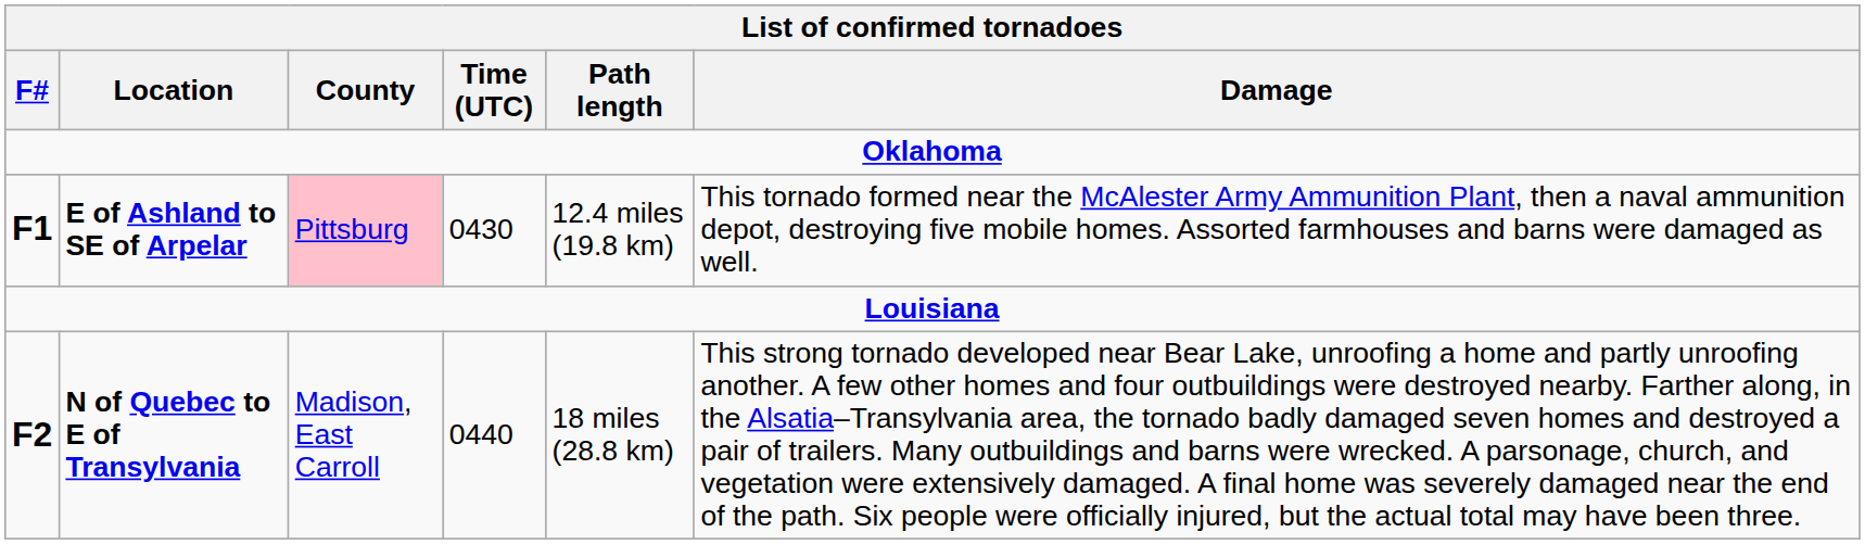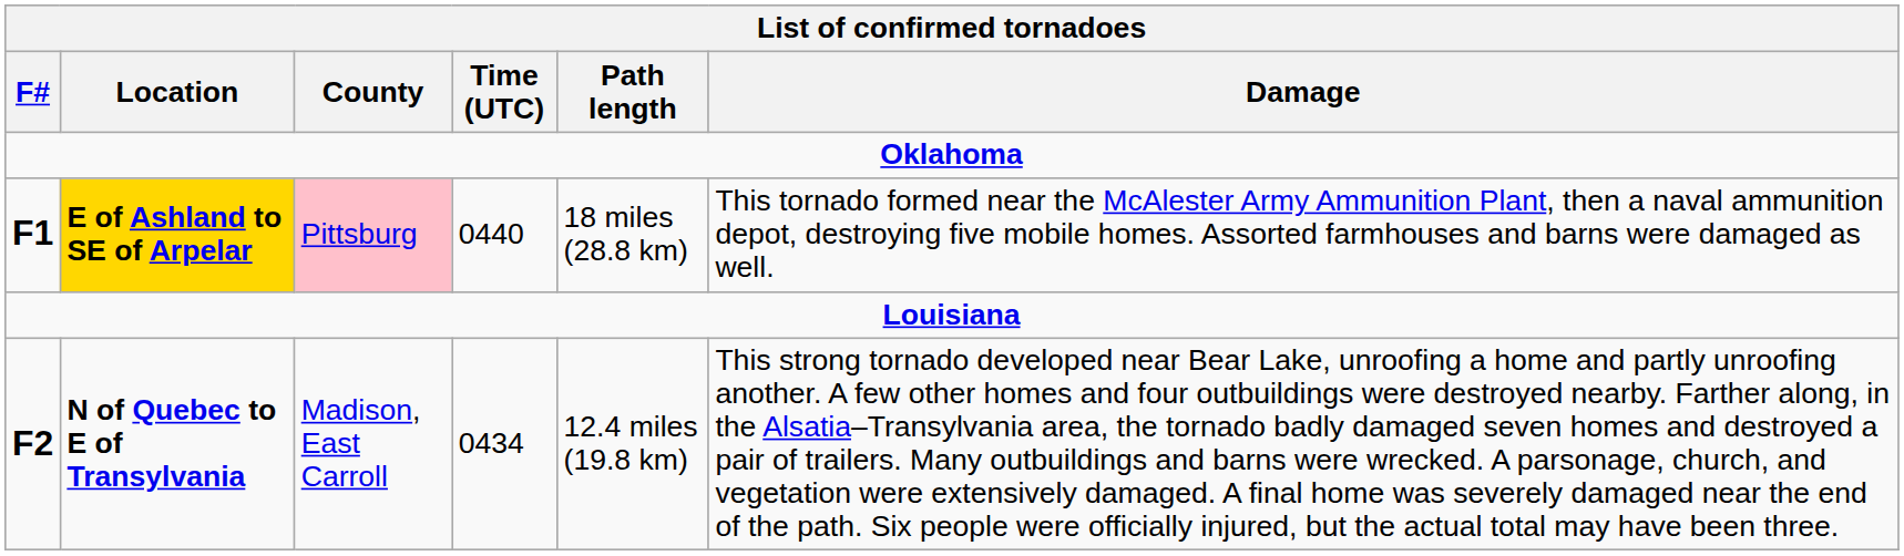 <table class="wikitable toccolours collapsible" width="65%">
 <tr>
 <th colspan="6">List of confirmed tornadoes</th>
 </tr>
 <tr>
 <th><a href='#'>F#</a></th>
 <th>Location</th>
 <th>County</th>
 <th>Time (UTC)</th>
 <th>Path length</th>
 <th>Damage</th>
 </tr>
 <tr>
 <td colspan="7" align=center><strong><a href='#'>Oklahoma</a></strong></td>
 </tr>
 <tr>
 <td><big><strong>F1</strong></big></td>
-<td><strong>E of <a href='#'>Ashland</a> to SE of <a href='#'>Arpelar</a></strong></td>
+<td style="background: gold;"><strong>E of <a href='#'>Ashland</a> to SE of <a href='#'>Arpelar</a></strong></td>
 <td style="background: pink;"><a href='#'>Pittsburg</a></td>
-<td>0430</td>
-<td>12.4 miles <br>(19.8 km)</td>
+<td>0440</td>
+<td>18 miles <br>(28.8 km)</td>
 <td>This tornado formed near the <a href='#'>McAlester Army Ammunition Plant</a>, then a naval ammunition depot, destroying five mobile homes. Assorted farmhouses and barns were damaged as well.</td>
 </tr>
 <tr>
 <td colspan="7" align=center><strong><a href='#'>Louisiana</a></strong></td>
 </tr>
 <tr>
 <td><big><strong>F2</strong></big></td>
 <td><strong>N of <a href='#'>Quebec</a> to E of <a href='#'>Transylvania</a></strong></td>
 <td><a href='#'>Madison</a>, <a href='#'>East Carroll</a></td>
-<td>0440</td>
-<td>18 miles <br>(28.8 km)</td>
+<td>0434</td>
+<td>12.4 miles <br>(19.8 km)</td>
 <td>This strong tornado developed near Bear Lake, unroofing a home and partly unroofing another. A few other homes and four outbuildings were destroyed nearby. Farther along, in the <a href='#'>Alsatia</a>–Transylvania area, the tornado badly damaged seven homes and destroyed a pair of trailers. Many outbuildings and barns were wrecked. A parsonage, church, and vegetation were extensively damaged. A final home was severely damaged near the end of the path. Six people were officially injured, but the actual total may have been three.</td>
 </tr>
 </table>
